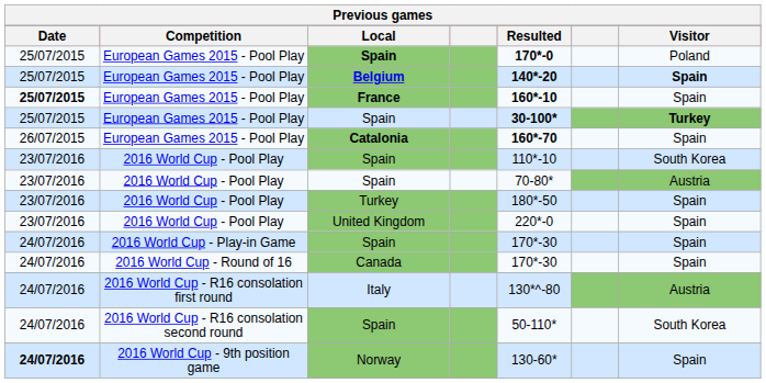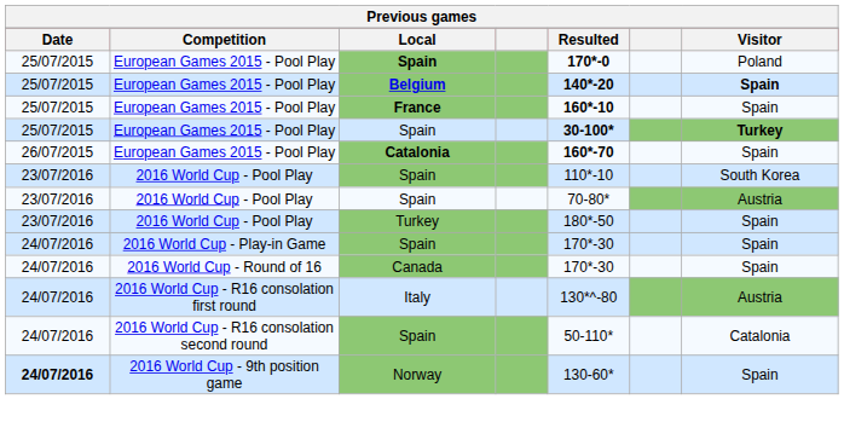 <table class="wikitable mw-collapsible mw-collapsed" style="font-size:95%; text-align: center; width: 100%;">
 <tr>
 <th colspan="7" style="with: 100%;" align="center" bgcolor=#C60B1E>Previous games</th>
 </tr>
 <tr class="" style="background: #f5faff; border: 1px #aaa solid; border-collapse: collapse; font-size: 90%;" align="center" cellpadding="2" cellspacing="0" width="100%">
 </tr>
 <tr bgcolor=#C60B1E>
 <th width="10%">Date</th>
 <th width="22%">Competition</th>
 <th width="15%">Local</th>
 <th width=5%></th>
 <th width="7%">Resulted</th>
 <th width=5%></th>
 <th width="15%">Visitor</th>
 </tr>
 <tr align="center" bgcolor="#F5FAFF">
 <td>25/07/2015</td>
 <td><a href='#'>European Games 2015</a> - Pool Play</td>
 <td bgcolor=#8dc873 style="color:black;"><strong>Spain</strong></td>
 <td bgcolor=#8dc873 style="color:black;"></td>
 <td><strong>170*-0</strong></td>
 <td></td>
 <td>Poland</td>
 </tr>
 <tr align="center" bgcolor="#D0E7FF">
 <td>25/07/2015</td>
 <td><a href='#'>European Games 2015</a> - Pool Play</td>
 <td bgcolor=#8dc873 style="color:black;"><strong><a href='#'>Belgium</a></strong></td>
 <td bgcolor=#8dc873 style="color:black;"></td>
 <td><strong>140*-20</strong></td>
 <td></td>
 <td><strong>Spain</strong></td>
 </tr>
 <tr align="center" bgcolor="#F5FAFF">
-<td><strong>25/07/2015</strong></td>
+<td>25/07/2015</td>
 <td><a href='#'>European Games 2015</a> - Pool Play</td>
 <td bgcolor=#8dc873 style="color:black;"><strong>France</strong></td>
 <td bgcolor=#8dc873 style="color:black;"></td>
 <td><strong>160*-10</strong></td>
 <td></td>
 <td>Spain</td>
 </tr>
 <tr align="center" bgcolor="#D0E7FF">
 <td>25/07/2015</td>
 <td><a href='#'>European Games 2015</a> - Pool Play</td>
 <td>Spain</td>
 <td></td>
 <td><strong>30-100*</strong></td>
 <td bgcolor=#8dc873 style="color:black;"></td>
 <td bgcolor=#8dc873 style="color:black;"><strong>Turkey</strong></td>
 </tr>
 <tr align="center" bgcolor="#F5FAFF">
 <td>26/07/2015</td>
 <td><a href='#'>European Games 2015</a> - Pool Play</td>
 <td bgcolor=#8dc873 style="color:black;"><strong>Catalonia</strong></td>
 <td bgcolor=#8dc873 style="color:black;"></td>
 <td><strong>160*-70</strong></td>
 <td></td>
 <td>Spain</td>
 </tr>
 <tr align="center" bgcolor="#D0E7FF">
 <td>23/07/2016</td>
 <td><a href='#'>2016 World Cup</a> - Pool Play</td>
 <td bgcolor=#8dc873 style="color:black;">Spain</td>
 <td bgcolor=#8dc873 style="color:black;"></td>
 <td>110*-10</td>
 <td></td>
 <td>South Korea</td>
 </tr>
 <tr align="center" bgcolor="#F5FAFF">
 <td>23/07/2016</td>
 <td><a href='#'>2016 World Cup</a> - Pool Play</td>
 <td>Spain</td>
 <td></td>
 <td>70-80*</td>
 <td bgcolor=#8dc873 style="color:black;"></td>
 <td bgcolor=#8dc873 style="color:black;">Austria</td>
 </tr>
 <tr align="center" bgcolor="#D0E7FF">
 <td>23/07/2016</td>
 <td><a href='#'>2016 World Cup</a> - Pool Play</td>
 <td bgcolor=#8dc873 style="color:black;">Turkey</td>
 <td bgcolor=#8dc873 style="color:black;"></td>
 <td>180*-50</td>
 <td></td>
 <td>Spain</td>
 </tr>
-<tr align="center" bgcolor="#F5FAFF">
-<td>23/07/2016</td>
-<td><a href='#'>2016 World Cup</a> - Pool Play</td>
-<td bgcolor=#8dc873 style="color:black;">United Kingdom</td>
-<td bgcolor=#8dc873 style="color:black;"></td>
-<td>220*-0</td>
-<td></td>
-<td>Spain</td>
-</tr>
 <tr align="center" bgcolor="#D0E7FF">
 <td>24/07/2016</td>
 <td><a href='#'>2016 World Cup</a> - Play-in Game</td>
 <td bgcolor=#8dc873 style="color:black;">Spain</td>
 <td bgcolor=#8dc873 style="color:black;"></td>
 <td>170*-30</td>
 <td></td>
 <td>Spain</td>
 </tr>
 <tr align="center" bgcolor="#F5FAFF">
 <td>24/07/2016</td>
 <td><a href='#'>2016 World Cup</a> - Round of 16</td>
 <td bgcolor=#8dc873 style="color:black;">Canada</td>
 <td bgcolor=#8dc873 style="color:black;"></td>
 <td>170*-30</td>
 <td></td>
 <td>Spain</td>
 </tr>
 <tr align="center" bgcolor="#D0E7FF">
 <td>24/07/2016</td>
 <td><a href='#'>2016 World Cup</a> - R16 consolation first round</td>
 <td>Italy</td>
 <td></td>
 <td>130*^-80</td>
 <td bgcolor=#8dc873 style="color:black;"></td>
 <td bgcolor=#8dc873 style="color:black;">Austria</td>
 </tr>
 <tr align="center" bgcolor="#F5FAFF">
 <td>24/07/2016</td>
 <td><a href='#'>2016 World Cup</a> - R16 consolation second round</td>
 <td bgcolor=#8dc873 style="color:black;">Spain</td>
 <td bgcolor=#8dc873 style="color:black;"></td>
 <td>50-110*</td>
 <td></td>
-<td>South Korea</td>
+<td>Catalonia</td>
 </tr>
 <tr align="center" bgcolor="#D0E7FF">
 <td><strong>24/07/2016</strong></td>
 <td><a href='#'>2016 World Cup</a> - 9th position game</td>
 <td bgcolor=#8dc873 style="color:black;">Norway</td>
 <td bgcolor=#8dc873 style="color:black;"></td>
 <td>130-60*</td>
 <td></td>
 <td>Spain</td>
 </tr>
 </table>
